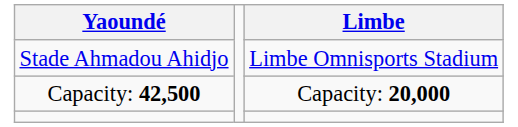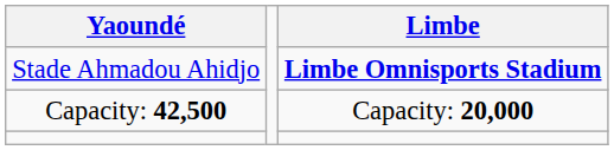 <table class="wikitable" style="text-align:center;margin:1em auto;">
 <tr>
 <th><a href='#'>Yaoundé</a></th>
 <td rowspan="4"></td>
 <th><a href='#'>Limbe</a></th>
 </tr>
 <tr>
 <td><a href='#'>Stade Ahmadou Ahidjo</a></td>
-<td><a href='#'>Limbe Omnisports Stadium</a></td>
+<td><strong><a href='#'>Limbe Omnisports Stadium</a></strong></td>
 </tr>
 <tr>
 <td>Capacity: <strong>42,500</strong></td>
 <td>Capacity: <strong>20,000</strong></td>
 </tr>
 <tr>
 <td></td>
 <td></td>
 </tr>
 </table>
